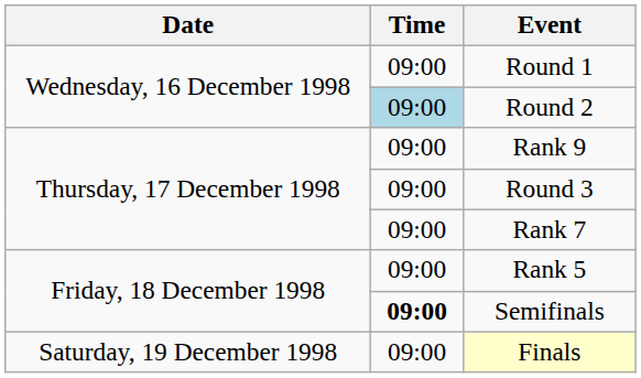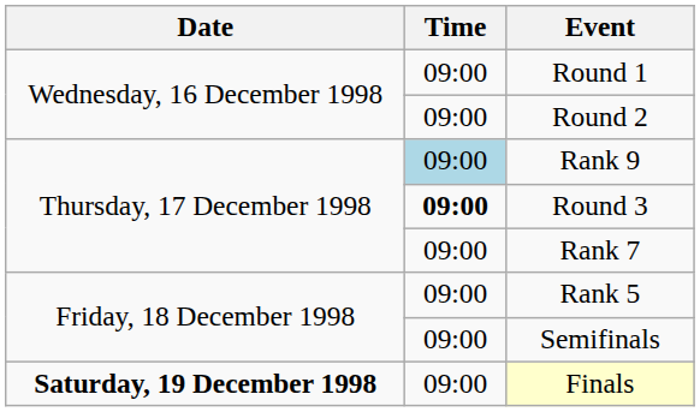 <table class = "wikitable" style="text-align:center;">
 <tr>
 <th width=220>Date</th>
 <th width=50>Time</th>
 <th width=100>Event</th>
 </tr>
 <tr>
 <td rowspan=2>Wednesday, 16 December 1998</td>
 <td>09:00</td>
 <td>Round 1</td>
 </tr>
 <tr>
-<td style="background: lightblue;">09:00</td>
+<td>09:00</td>
 <td>Round 2</td>
 </tr>
 <tr>
 <td rowspan=3>Thursday, 17 December 1998</td>
-<td>09:00</td>
+<td style="background: lightblue;">09:00</td>
 <td>Rank 9</td>
 </tr>
 <tr>
-<td>09:00</td>
+<td><strong>09:00</strong></td>
 <td>Round 3</td>
 </tr>
 <tr>
 <td>09:00</td>
 <td>Rank 7</td>
 </tr>
 <tr>
 <td rowspan=2>Friday, 18 December 1998</td>
 <td>09:00</td>
 <td>Rank 5</td>
 </tr>
 <tr>
-<td><strong>09:00</strong></td>
+<td>09:00</td>
 <td>Semifinals</td>
 </tr>
 <tr>
-<td>Saturday, 19 December 1998</td>
+<td><strong>Saturday, 19 December 1998</strong></td>
 <td>09:00</td>
 <td bgcolor=ffffcc>Finals</td>
 </tr>
 </table>
